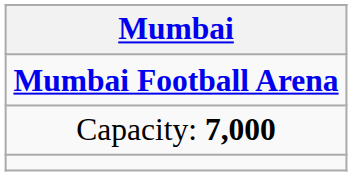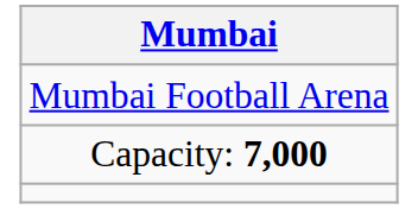 <table class="wikitable" style="text-align:center;margin:auto;">
 <tr>
 <th><a href='#'>Mumbai</a></th>
 </tr>
 <tr>
-<td><strong><a href='#'>Mumbai Football Arena</a></strong></td>
+<td><a href='#'>Mumbai Football Arena</a></td>
 </tr>
 <tr>
 <td>Capacity: <strong>7,000</strong></td>
 </tr>
 <tr>
 <td></td>
 </tr>
 </table>
